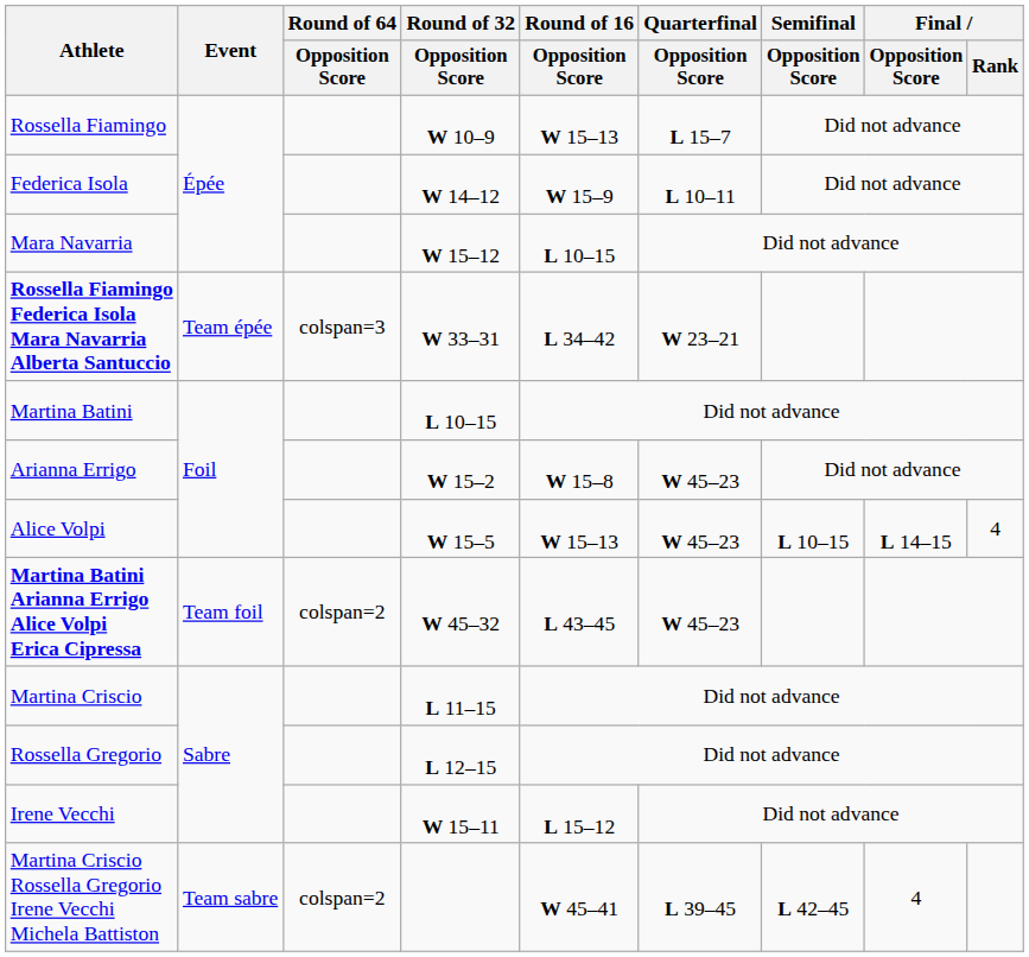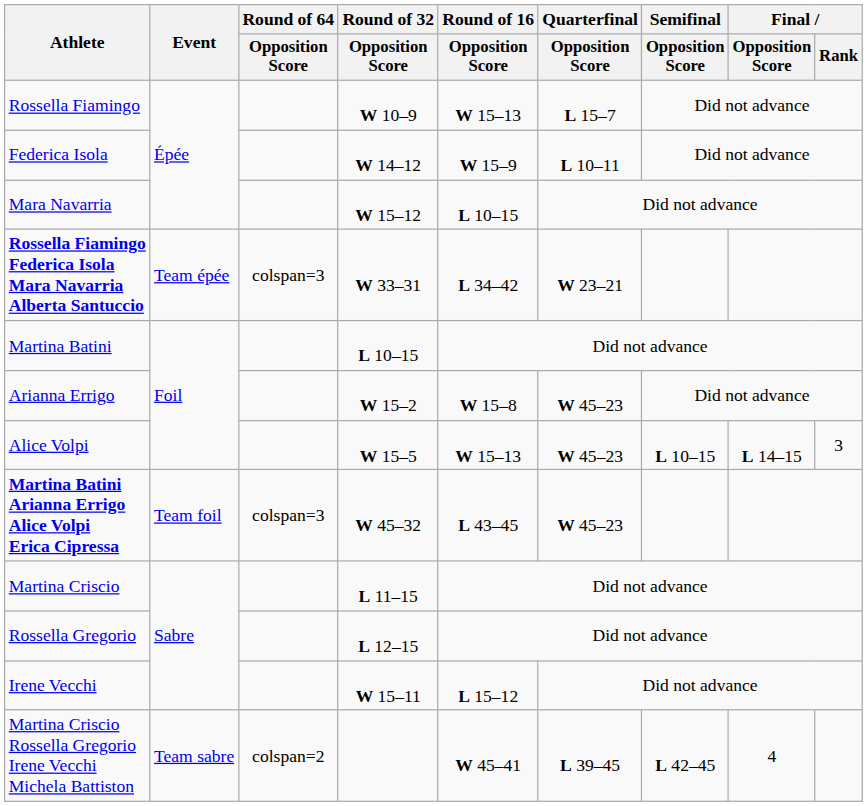 <table class="wikitable" style="font-size:90%">
 <tr>
 <th rowspan="2">Athlete</th>
 <th rowspan="2">Event</th>
 <th>Round of 64</th>
 <th>Round of 32</th>
 <th>Round of 16</th>
 <th>Quarterfinal</th>
 <th>Semifinal</th>
 <th colspan=2>Final / </th>
 </tr>
 <tr style="font-size:95%">
 <th>Opposition <br> Score</th>
 <th>Opposition <br> Score</th>
 <th>Opposition <br> Score</th>
 <th>Opposition <br> Score</th>
 <th>Opposition <br> Score</th>
 <th>Opposition <br> Score</th>
 <th>Rank</th>
 </tr>
 <tr align=center>
 <td align=left><a href='#'>Rossella Fiamingo</a></td>
 <td align=left rowspan=3><a href='#'>Épée</a></td>
 <td></td>
 <td><br><strong>W</strong> 10–9</td>
 <td><br><strong>W</strong> 15–13</td>
 <td><br><strong>L</strong> 15–7</td>
 <td colspan="3">Did not advance</td>
 </tr>
 <tr align=center>
 <td align=left><a href='#'>Federica Isola</a></td>
 <td></td>
 <td><br><strong>W</strong> 14–12</td>
 <td><br><strong>W</strong> 15–9</td>
 <td><br><strong>L</strong> 10–11</td>
 <td colspan="3">Did not advance</td>
 </tr>
 <tr align=center>
 <td align=left><a href='#'>Mara Navarria</a></td>
 <td></td>
 <td><br><strong>W</strong> 15–12</td>
 <td><br><strong>L</strong> 10–15</td>
 <td colspan="4">Did not advance</td>
 </tr>
 <tr align=center>
 <td align=left><strong><a href='#'>Rossella Fiamingo</a><br><a href='#'>Federica Isola</a><br><a href='#'>Mara Navarria</a><br><a href='#'>Alberta Santuccio</a></strong></td>
 <td align=left><a href='#'>Team épée</a></td>
 <td>colspan=3 </td>
 <td><br><strong>W</strong> 33–31</td>
 <td><br><strong>L</strong> 34–42</td>
 <td><br><strong>W</strong> 23–21</td>
 <td></td>
 </tr>
 <tr align=center>
 <td align=left><a href='#'>Martina Batini</a></td>
 <td align=left rowspan=3><a href='#'>Foil</a></td>
 <td></td>
 <td><br><strong>L</strong> 10–15</td>
 <td colspan=5>Did not advance</td>
 </tr>
 <tr align=center>
 <td align=left><a href='#'>Arianna Errigo</a></td>
 <td></td>
 <td><br><strong>W</strong> 15–2</td>
 <td><br><strong>W</strong> 15–8</td>
 <td><br><strong>W</strong> 45–23</td>
 <td colspan=3>Did not advance</td>
 </tr>
 <tr align=center>
 <td align=left><a href='#'>Alice Volpi</a></td>
 <td></td>
 <td><br><strong>W</strong> 15–5</td>
 <td><br><strong>W</strong> 15–13</td>
 <td><br><strong>W</strong> 45–23</td>
 <td><br><strong>L</strong> 10–15</td>
 <td><br><strong>L</strong> 14–15</td>
-<td>4</td>
+<td>3</td>
 </tr>
 <tr align=center>
 <td align=left><strong><a href='#'>Martina Batini</a><br><a href='#'>Arianna Errigo</a><br><a href='#'>Alice Volpi</a><br><a href='#'>Erica Cipressa</a></strong></td>
 <td align=left><a href='#'>Team foil</a></td>
-<td>colspan=2 </td>
+<td>colspan=3 </td>
 <td><br><strong>W</strong> 45–32</td>
 <td><br><strong>L</strong> 43–45</td>
 <td><br><strong>W</strong> 45–23</td>
 <td></td>
 </tr>
 <tr align=center>
 <td align=left><a href='#'>Martina Criscio</a></td>
 <td align=left rowspan=3><a href='#'>Sabre</a></td>
 <td></td>
 <td> <br><strong>L</strong> 11–15</td>
 <td colspan=5>Did not advance</td>
 </tr>
 <tr align=center>
 <td align=left><a href='#'>Rossella Gregorio</a></td>
 <td></td>
 <td><br><strong>L</strong> 12–15</td>
 <td colspan=5>Did not advance</td>
 </tr>
 <tr align=center>
 <td align=left><a href='#'>Irene Vecchi</a></td>
 <td></td>
 <td><br><strong>W</strong> 15–11</td>
 <td><br><strong>L</strong> 15–12</td>
 <td colspan=4>Did not advance</td>
 </tr>
 <tr align=center>
 <td align=left><a href='#'>Martina Criscio</a><br><a href='#'>Rossella Gregorio</a><br><a href='#'>Irene Vecchi</a><br><a href='#'>Michela Battiston</a></td>
 <td align=left><a href='#'>Team sabre</a></td>
 <td>colspan=2 </td>
 <td></td>
 <td><br><strong>W</strong> 45–41</td>
 <td><br><strong>L</strong> 39–45</td>
 <td><br><strong>L</strong> 42–45</td>
 <td>4</td>
 </tr>
 </table>
